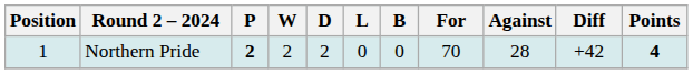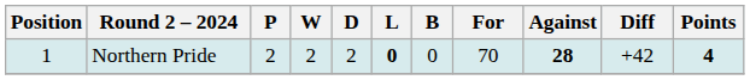 <table class="wikitable" style="text-align:center; font-size:85%;">
 <tr style="background: #d7ebed;">
 <th width="40" abbr="Position">Position</th>
 <th width="100">Round 2 – 2024</th>
 <th width="20" abbr="Played">P</th>
 <th width="20" abbr="Won">W</th>
 <th width="20" abbr="Drawn">D</th>
 <th width="20" abbr="Lost">L</th>
 <th width="20" abbr="Bye">B</th>
 <th width="40" abbr="Points for">For</th>
 <th width="40" abbr="Points against">Against</th>
 <th width="40" abbr="Points difference">Diff</th>
 <th width="40" abbr="Points">Points</th>
 </tr>
 <tr style="background: #d7ebed;">
 <td>1</td>
 <td style="text-align:left;"> Northern Pride</td>
-<td><strong>2</strong></td>
 <td>2</td>
 <td>2</td>
-<td>0</td>
+<td>2</td>
+<td><strong>0</strong></td>
 <td>0</td>
 <td>70</td>
-<td>28</td>
+<td><strong>28</strong></td>
 <td>+42</td>
 <td><strong>4</strong></td>
 </tr>
 <tr>
 </tr>
 </table>
